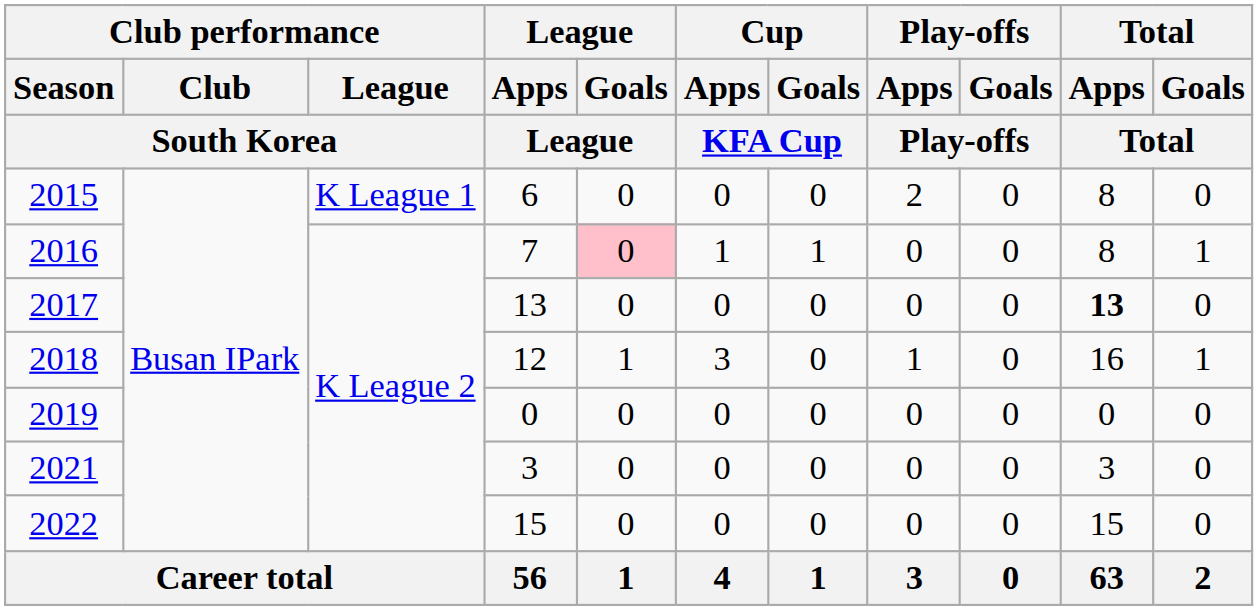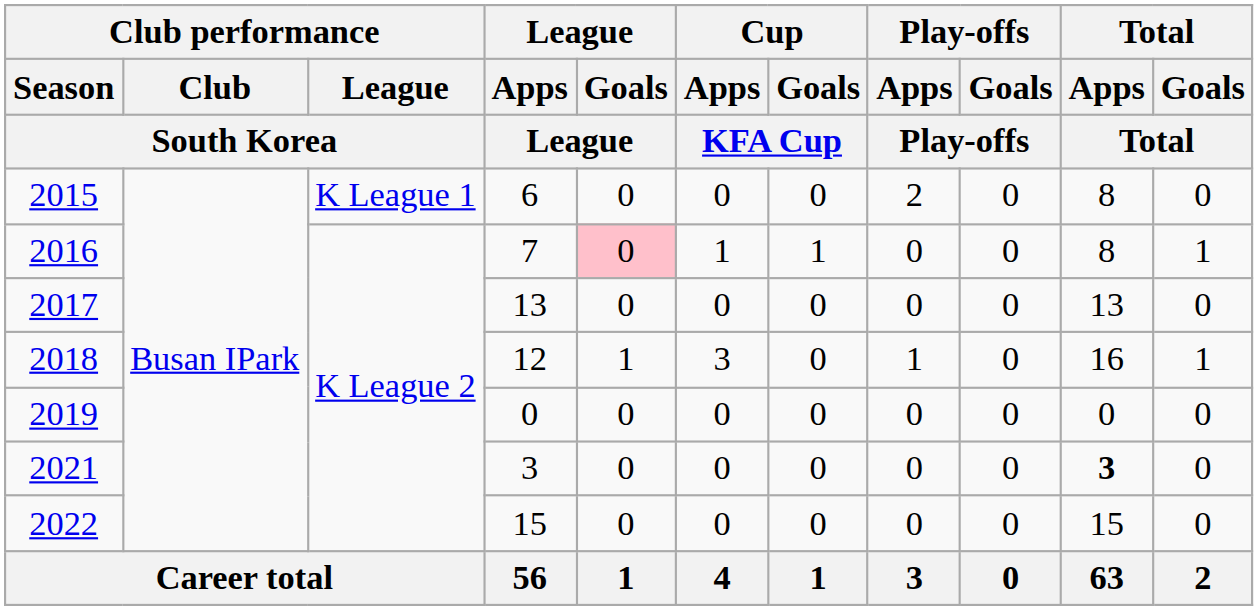 <table class="wikitable" style="text-align:center">
 <tr>
 <th colspan=3>Club performance</th>
 <th colspan=2>League</th>
 <th colspan=2>Cup</th>
 <th colspan=2>Play-offs</th>
 <th colspan=2>Total</th>
 </tr>
 <tr>
 <th>Season</th>
 <th>Club</th>
 <th>League</th>
 <th>Apps</th>
 <th>Goals</th>
 <th>Apps</th>
 <th>Goals</th>
 <th>Apps</th>
 <th>Goals</th>
 <th>Apps</th>
 <th>Goals</th>
 </tr>
 <tr>
 <th colspan=3>South Korea</th>
 <th colspan=2>League</th>
 <th colspan=2><a href='#'>KFA Cup</a></th>
 <th colspan=2>Play-offs</th>
 <th colspan=2>Total</th>
 </tr>
 <tr>
 <td><a href='#'>2015</a></td>
 <td rowspan="7"><a href='#'>Busan IPark</a></td>
 <td rowspan="1"><a href='#'>K League 1</a></td>
 <td>6</td>
 <td>0</td>
 <td>0</td>
 <td>0</td>
 <td>2</td>
 <td>0</td>
 <td>8</td>
 <td>0</td>
 </tr>
 <tr>
 <td><a href='#'>2016</a></td>
 <td rowspan="6"><a href='#'>K League 2</a></td>
 <td>7</td>
 <td style="background: pink;">0</td>
 <td>1</td>
 <td>1</td>
 <td>0</td>
 <td>0</td>
 <td>8</td>
 <td>1</td>
 </tr>
 <tr>
 <td><a href='#'>2017</a></td>
 <td>13</td>
 <td>0</td>
 <td>0</td>
 <td>0</td>
 <td>0</td>
 <td>0</td>
-<td><strong>13</strong></td>
+<td>13</td>
 <td>0</td>
 </tr>
 <tr>
 <td><a href='#'>2018</a></td>
 <td>12</td>
 <td>1</td>
 <td>3</td>
 <td>0</td>
 <td>1</td>
 <td>0</td>
 <td>16</td>
 <td>1</td>
 </tr>
 <tr>
 <td><a href='#'>2019</a></td>
 <td>0</td>
 <td>0</td>
 <td>0</td>
 <td>0</td>
 <td>0</td>
 <td>0</td>
 <td>0</td>
 <td>0</td>
 </tr>
 <tr>
 <td><a href='#'>2021</a></td>
 <td>3</td>
 <td>0</td>
 <td>0</td>
 <td>0</td>
 <td>0</td>
 <td>0</td>
-<td>3</td>
+<td><strong>3</strong></td>
 <td>0</td>
 </tr>
 <tr>
 <td><a href='#'>2022</a></td>
 <td>15</td>
 <td>0</td>
 <td>0</td>
 <td>0</td>
 <td>0</td>
 <td>0</td>
 <td>15</td>
 <td>0</td>
 </tr>
 <tr>
 <th colspan=3>Career total</th>
 <th>56</th>
 <th>1</th>
 <th>4</th>
 <th>1</th>
 <th>3</th>
 <th>0</th>
 <th>63</th>
 <th>2</th>
 </tr>
 </table>
